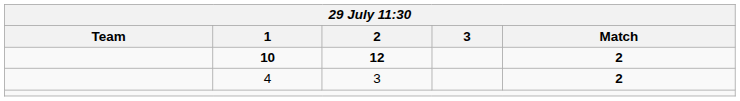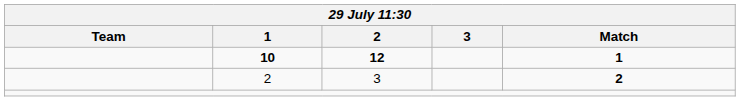 <table class=wikitable style="text-align:center; width: 55%">
 <tr>
 <th colspan=10><em>29 July 11:30</em></th>
 </tr>
 <tr>
 <th>Team</th>
 <th>1</th>
 <th>2</th>
 <th>3</th>
 <th>Match</th>
 </tr>
 <tr>
 <td align=left><strong><br></strong></td>
 <td><strong>10</strong></td>
 <td><strong>12</strong></td>
 <td></td>
-<td><strong>2</strong></td>
+<td><strong>1</strong></td>
 </tr>
 <tr>
 <td align=left><br></td>
-<td>4</td>
+<td>2</td>
 <td>3</td>
 <td></td>
 <td><strong>2</strong></td>
 </tr>
 <tr>
 <td colspan=10></td>
 </tr>
 </table>
